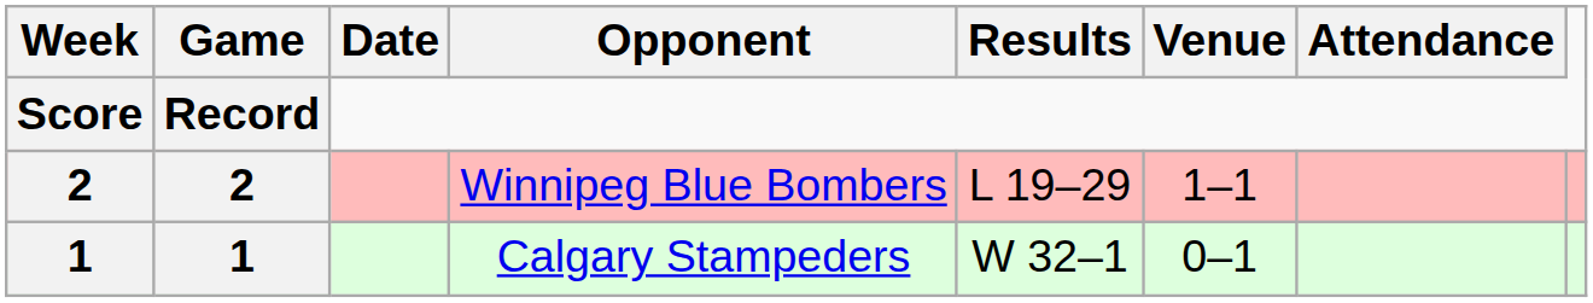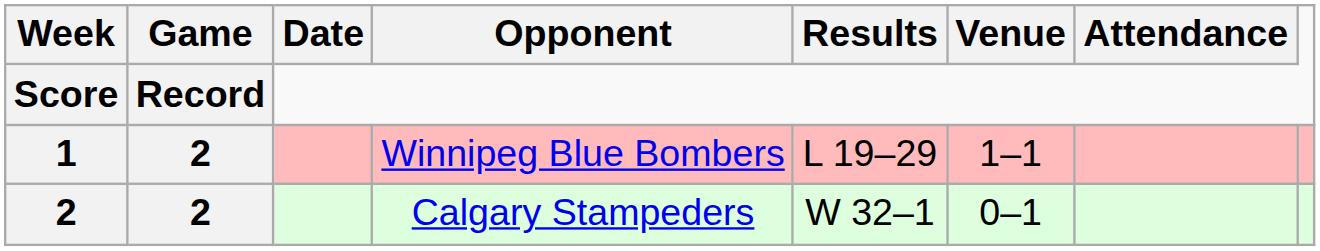 <table class="wikitable" style="text-align:center">
 <tr>
 <th>Week</th>
 <th>Game</th>
 <th>Date</th>
 <th>Opponent</th>
 <th>Results</th>
 <th>Venue</th>
 <th>Attendance</th>
 </tr>
 <tr>
 <th>Score</th>
 <th>Record</th>
 </tr>
 <tr style="background:#ffbbbb">
-<th>2</th>
+<th>1</th>
 <th>2</th>
 <td></td>
 <td><a href='#'>Winnipeg Blue Bombers</a></td>
 <td>L 19–29</td>
 <td>1–1</td>
 <td></td>
 <td></td>
 </tr>
 <tr style="background:#ddffdd">
-<th>1</th>
-<th>1</th>
+<th>2</th>
+<th>2</th>
 <td></td>
 <td><a href='#'>Calgary Stampeders</a></td>
 <td>W 32–1</td>
 <td>0–1</td>
 <td></td>
 <td></td>
 </tr>
 </table>
